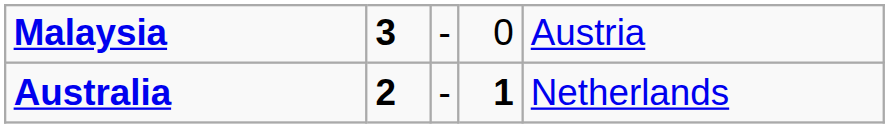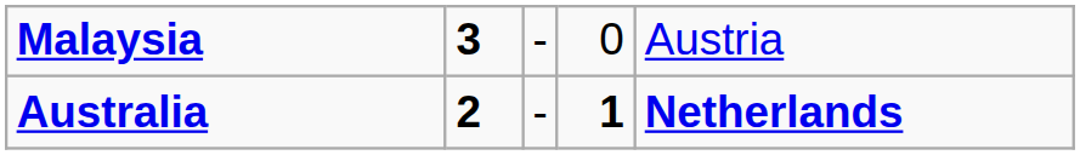 <table class="wikitable">
 <tr>
 <td width=150> <strong><a href='#'>Malaysia</a></strong></td>
 <td style="width:20px; text-align:left;"><strong>3</strong></td>
 <td>-</td>
 <td style="width:20px; text-align:right;">0</td>
 <td width=150> <a href='#'>Austria</a></td>
 </tr>
 <tr>
 <td> <strong><a href='#'>Australia</a></strong></td>
 <td style="text-align:left;"><strong>2</strong></td>
 <td>-</td>
 <td style="text-align:right;"><strong>1</strong></td>
-<td> <a href='#'>Netherlands</a></td>
+<td><strong> <a href='#'>Netherlands</a></strong></td>
 </tr>
 </table>
